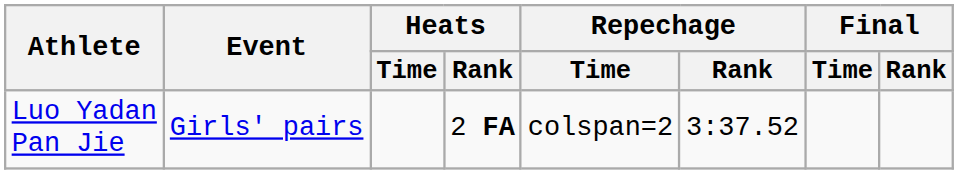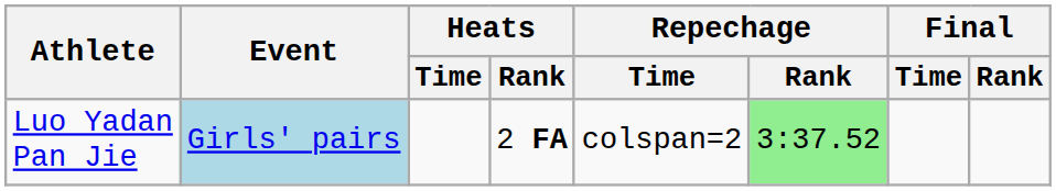 <table class="wikitable" style="font-size:90%">
 <tr>
 <th rowspan="2">Athlete</th>
 <th rowspan="2">Event</th>
 <th colspan="2">Heats</th>
 <th colspan="2">Repechage</th>
 <th colspan="2">Final</th>
 </tr>
 <tr style="font-size:95%">
 <th>Time</th>
 <th>Rank</th>
 <th>Time</th>
 <th>Rank</th>
 <th>Time</th>
 <th>Rank</th>
 </tr>
 <tr align=center>
 <td align=left><a href='#'>Luo Yadan</a><br><a href='#'>Pan Jie</a></td>
-<td align=left><a href='#'>Girls' pairs</a></td>
+<td align=left style="background: lightblue;"><a href='#'>Girls' pairs</a></td>
 <td></td>
 <td>2 <strong>FA</strong></td>
 <td>colspan=2 </td>
-<td>3:37.52</td>
+<td style="background: lightgreen;">3:37.52</td>
 <td></td>
 </tr>
 </table>
